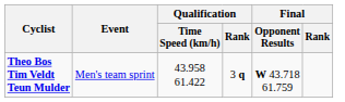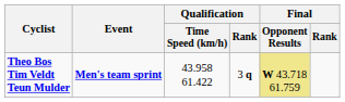 <table class="wikitable" style="font-size:90%">
 <tr>
 <th rowspan=2>Cyclist</th>
 <th rowspan=2>Event</th>
 <th colspan=2>Qualification</th>
 <th colspan=2>Final</th>
 </tr>
 <tr style="font-size:95%">
 <th>Time<br>Speed (km/h)</th>
 <th>Rank</th>
 <th>Opponent<br>Results</th>
 <th>Rank</th>
 </tr>
 <tr align=center>
 <td align=left><strong><a href='#'>Theo Bos</a><br><a href='#'>Tim Veldt</a><br><a href='#'>Teun Mulder</a></strong></td>
-<td align=left><a href='#'>Men's team sprint</a></td>
+<td align=left><strong><a href='#'>Men's team sprint</a></strong></td>
 <td>43.958<br>61.422</td>
 <td>3 <strong>q</strong></td>
-<td><br><strong>W</strong> 43.718<br>61.759</td>
+<td style="background: khaki;"><br><strong>W</strong> 43.718<br>61.759</td>
 <td></td>
 </tr>
 </table>
